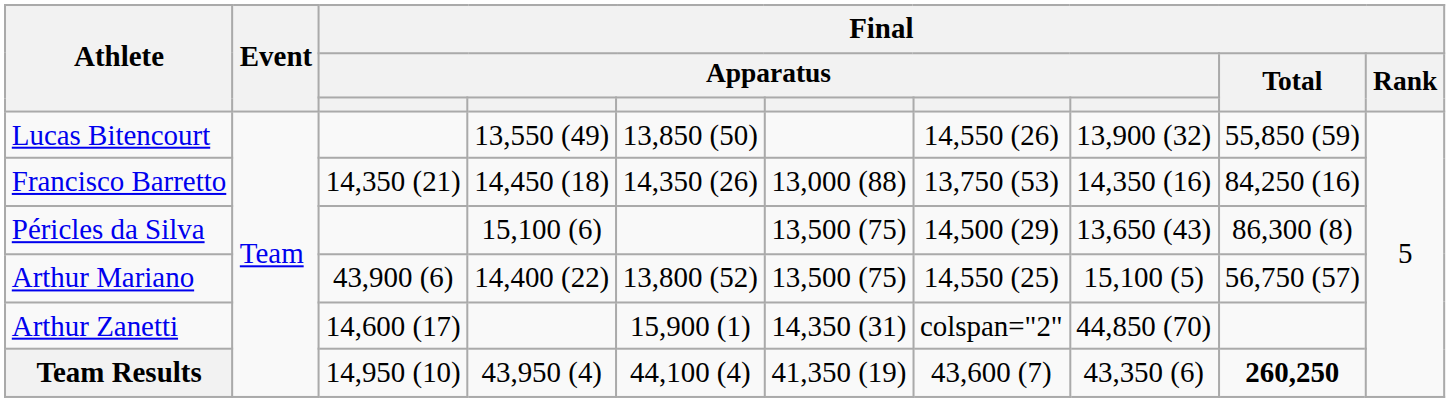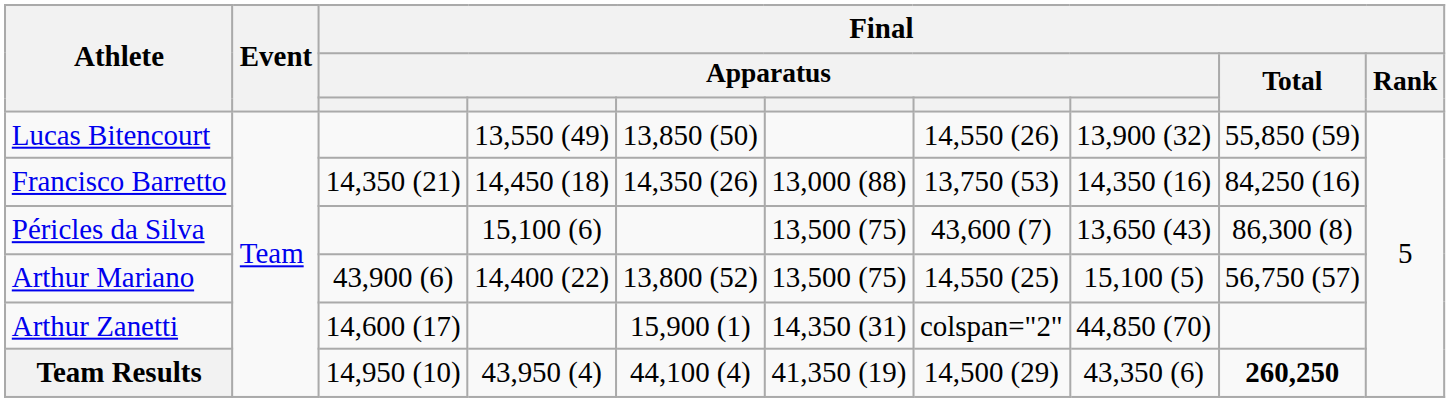 <table class="wikitable" style="font-size:90%">
 <tr>
 <th rowspan=3>Athlete</th>
 <th rowspan=3>Event</th>
 <th colspan=8>Final</th>
 </tr>
 <tr style="font-size:95%">
 <th colspan=6>Apparatus</th>
 <th rowspan=2>Total</th>
 <th rowspan=2>Rank</th>
 </tr>
 <tr style="font-size:95%">
 <th></th>
 <th></th>
 <th></th>
 <th></th>
 <th></th>
 <th></th>
 </tr>
 <tr align=center>
 <td align=left><a href='#'>Lucas Bitencourt</a></td>
 <td align=left rowspan=7><a href='#'>Team</a></td>
 <td></td>
 <td>13,550 (49)</td>
 <td>13,850 (50)</td>
 <td></td>
 <td>14,550 (26)</td>
 <td>13,900 (32)</td>
 <td>55,850 (59)</td>
 <td rowspan=7>5</td>
 </tr>
 <tr align=center>
 <td align=left><a href='#'>Francisco Barretto</a></td>
 <td>14,350 (21)</td>
 <td>14,450 (18)</td>
 <td>14,350 (26)</td>
 <td>13,000 (88)</td>
 <td>13,750 (53)</td>
 <td>14,350 (16)</td>
 <td>84,250 (16)</td>
 </tr>
 <tr align=center>
 <td align=left><a href='#'>Péricles da Silva</a></td>
 <td></td>
 <td>15,100 (6)</td>
 <td></td>
 <td>13,500 (75)</td>
-<td>14,500 (29)</td>
+<td>43,600 (7)</td>
 <td>13,650 (43)</td>
 <td>86,300 (8)</td>
 </tr>
 <tr align=center>
 <td align=left><a href='#'>Arthur Mariano</a></td>
 <td>43,900 (6)</td>
 <td>14,400 (22)</td>
 <td>13,800 (52)</td>
 <td>13,500 (75)</td>
 <td>14,550 (25)</td>
 <td>15,100 (5)</td>
 <td>56,750 (57)</td>
 </tr>
 <tr align=center>
 <td align=left><a href='#'>Arthur Zanetti</a></td>
 <td>14,600 (17)</td>
 <td></td>
 <td>15,900 (1)</td>
 <td>14,350 (31)</td>
 <td>colspan="2" </td>
 <td>44,850 (70)</td>
 </tr>
 <tr align=center>
 <th align=left>Team Results</th>
 <td>14,950 (10)</td>
 <td>43,950 (4)</td>
 <td>44,100 (4)</td>
 <td>41,350 (19)</td>
-<td>43,600 (7)</td>
+<td>14,500 (29)</td>
 <td>43,350 (6)</td>
 <td><strong>260,250</strong></td>
 </tr>
 </table>
